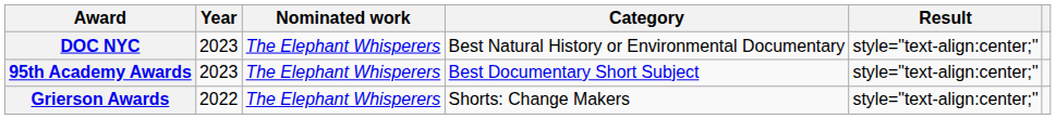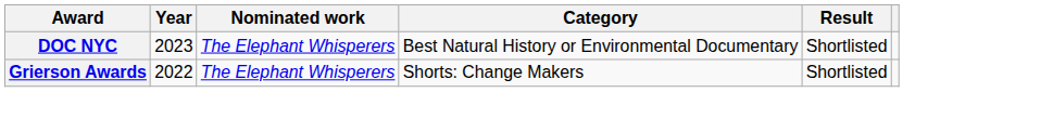 <table class="wikitable plainrowheaders unsortable">
 <tr>
 <th scope="col">Award</th>
 <th scope="col">Year</th>
 <th scope="col">Nominated work</th>
 <th scope="col">Category</th>
 <th scope="col">Result</th>
 <th scope="col"></th>
 </tr>
 <tr>
 <th scope="row"><a href='#'>DOC NYC</a></th>
 <td>2023</td>
 <td><em><a href='#'>The Elephant Whisperers</a></em></td>
 <td>Best Natural History or Environmental Documentary</td>
-<td>style="text-align:center;" </td>
-<td></td>
-</tr>
-<tr>
-<th scope="row"><a href='#'>95th Academy Awards</a></th>
-<td>2023</td>
-<td><em><a href='#'>The Elephant Whisperers</a></em></td>
-<td><a href='#'>Best Documentary Short Subject</a></td>
-<td>style="text-align:center;" </td>
+<td>Shortlisted</td>
 <td></td>
 </tr>
 <tr>
 <th scope="row"><a href='#'>Grierson Awards</a></th>
 <td>2022</td>
 <td><em><a href='#'>The Elephant Whisperers</a></em></td>
 <td>Shorts: Change Makers</td>
-<td>style="text-align:center;" </td>
+<td>Shortlisted</td>
 <td></td>
 </tr>
 </table>
